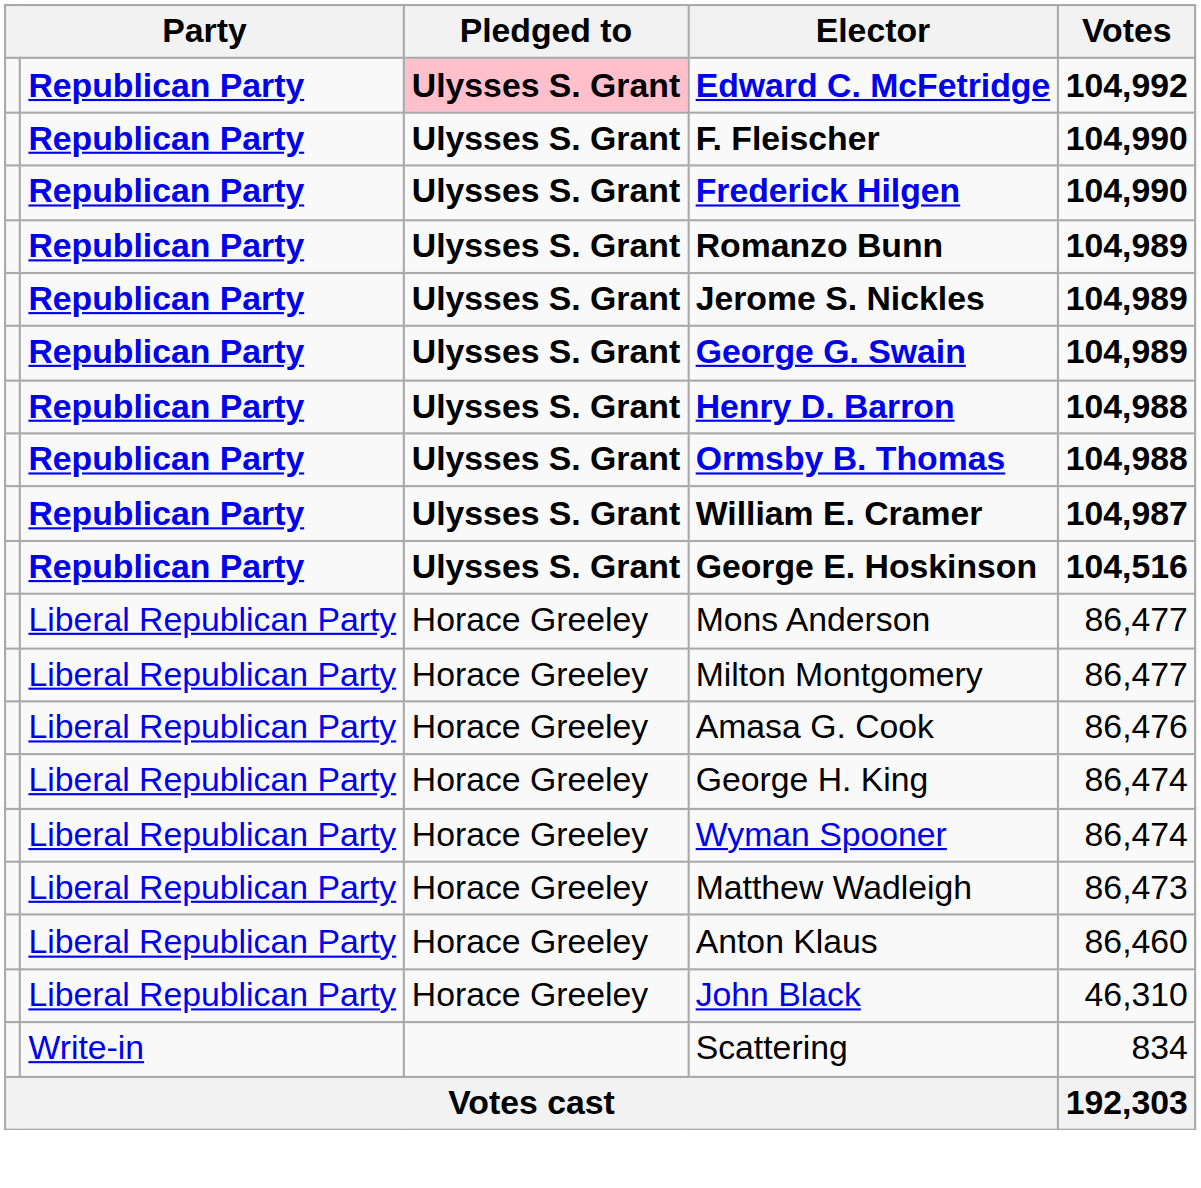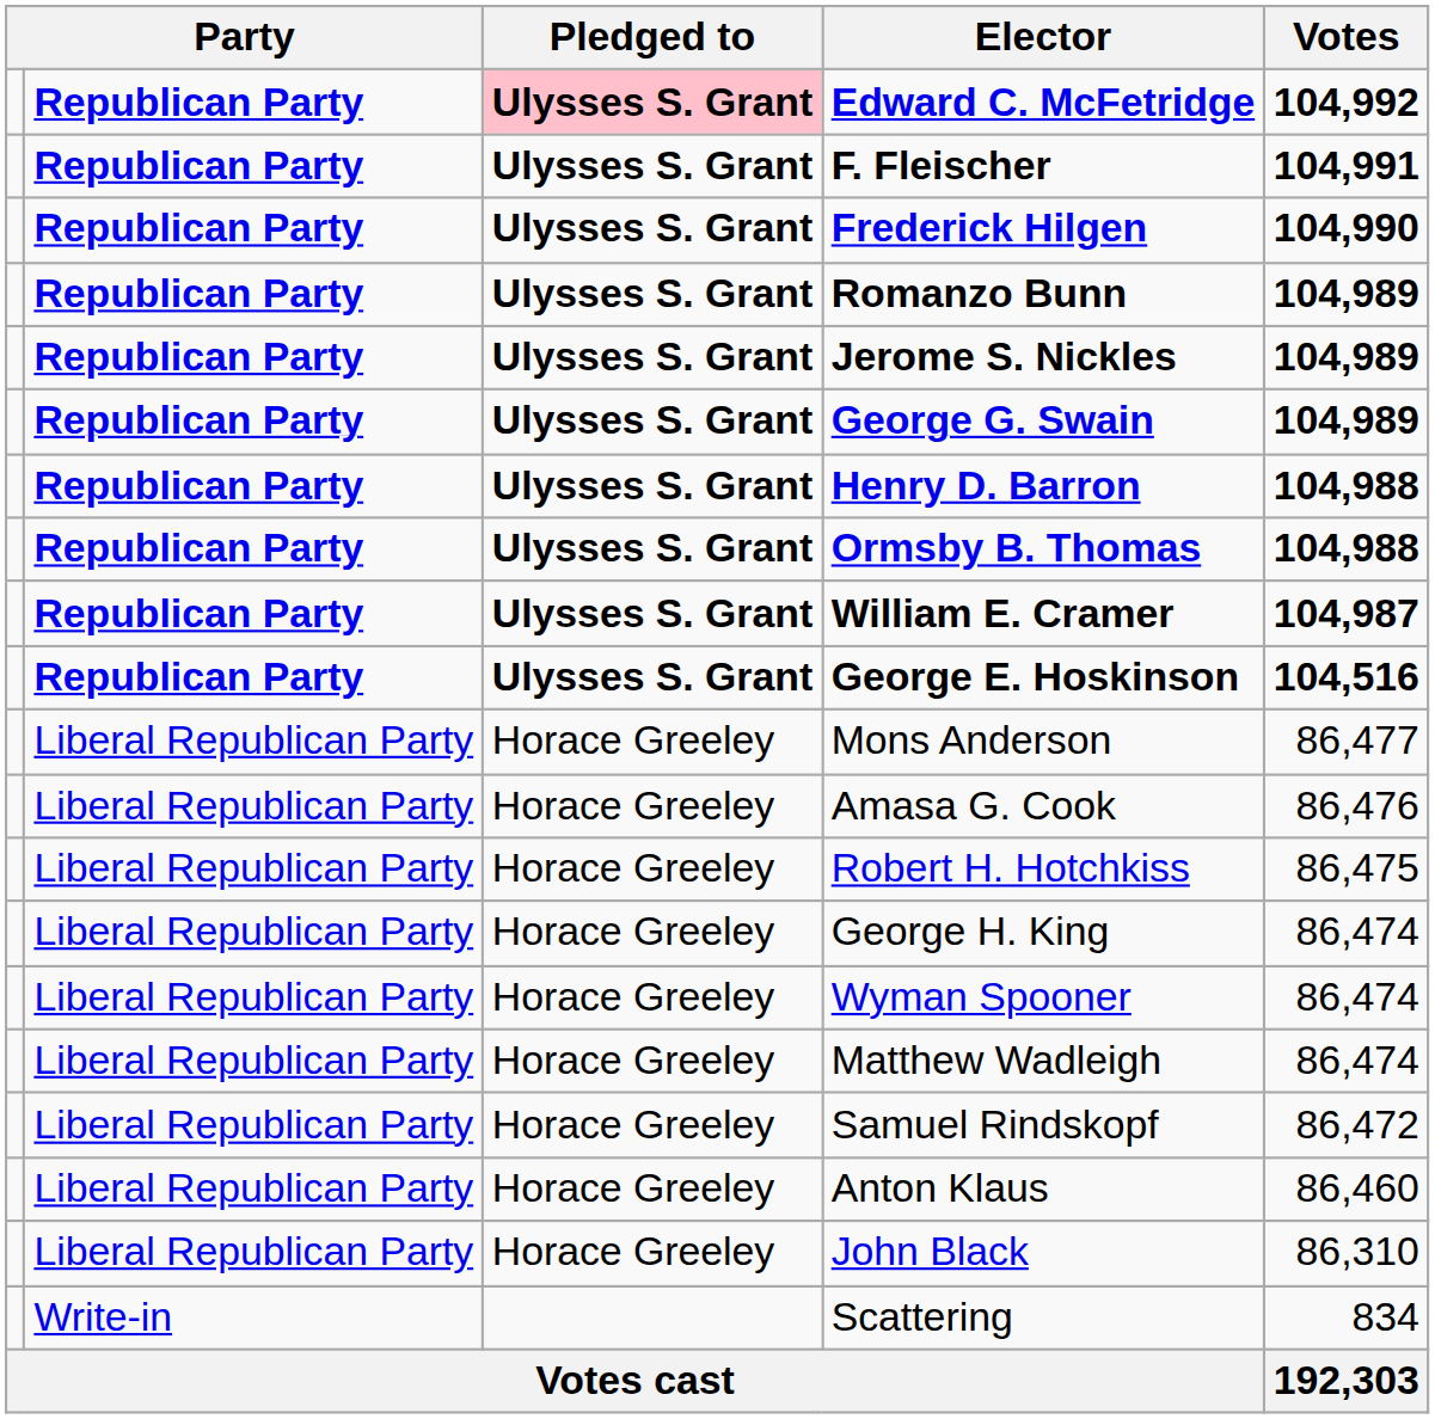 <table class="wikitable">
 <tr>
 <th colspan=2>Party</th>
 <th>Pledged to</th>
 <th>Elector</th>
 <th>Votes</th>
 </tr>
 <tr style="font-weight:bold">
 <td></td>
 <td><a href='#'>Republican Party</a></td>
 <td style="background: pink;">Ulysses S. Grant</td>
 <td><a href='#'>Edward C. McFetridge</a></td>
 <td align="right">104,992</td>
 </tr>
 <tr style="font-weight:bold">
 <td></td>
 <td><a href='#'>Republican Party</a></td>
 <td>Ulysses S. Grant</td>
 <td>F. Fleischer</td>
-<td align="right">104,990</td>
+<td align="right">104,991</td>
 </tr>
 <tr style="font-weight:bold">
 <td></td>
 <td><a href='#'>Republican Party</a></td>
 <td>Ulysses S. Grant</td>
 <td><a href='#'>Frederick Hilgen</a></td>
 <td align="right">104,990</td>
 </tr>
 <tr style="font-weight:bold">
 <td></td>
 <td><a href='#'>Republican Party</a></td>
 <td>Ulysses S. Grant</td>
 <td>Romanzo Bunn</td>
 <td align="right">104,989</td>
 </tr>
 <tr style="font-weight:bold">
 <td></td>
 <td><a href='#'>Republican Party</a></td>
 <td>Ulysses S. Grant</td>
 <td>Jerome S. Nickles</td>
 <td align="right">104,989</td>
 </tr>
 <tr style="font-weight:bold">
 <td></td>
 <td><a href='#'>Republican Party</a></td>
 <td>Ulysses S. Grant</td>
 <td><a href='#'>George G. Swain</a></td>
 <td align="right">104,989</td>
 </tr>
 <tr style="font-weight:bold">
 <td></td>
 <td><a href='#'>Republican Party</a></td>
 <td>Ulysses S. Grant</td>
 <td><a href='#'>Henry D. Barron</a></td>
 <td align="right">104,988</td>
 </tr>
 <tr style="font-weight:bold">
 <td></td>
 <td><a href='#'>Republican Party</a></td>
 <td>Ulysses S. Grant</td>
 <td><a href='#'>Ormsby B. Thomas</a></td>
 <td align="right">104,988</td>
 </tr>
 <tr style="font-weight:bold">
 <td></td>
 <td><a href='#'>Republican Party</a></td>
 <td>Ulysses S. Grant</td>
 <td>William E. Cramer</td>
 <td align="right">104,987</td>
 </tr>
 <tr style="font-weight:bold">
 <td></td>
 <td><a href='#'>Republican Party</a></td>
 <td>Ulysses S. Grant</td>
 <td>George E. Hoskinson</td>
 <td align="right">104,516</td>
 </tr>
 <tr>
 <td></td>
 <td><a href='#'>Liberal Republican Party</a></td>
 <td>Horace Greeley</td>
 <td>Mons Anderson</td>
 <td align="right">86,477</td>
 </tr>
 <tr>
 <td></td>
 <td><a href='#'>Liberal Republican Party</a></td>
 <td>Horace Greeley</td>
-<td>Milton Montgomery</td>
-<td align="right">86,477</td>
+<td>Amasa G. Cook</td>
+<td align="right">86,476</td>
 </tr>
 <tr>
 <td></td>
 <td><a href='#'>Liberal Republican Party</a></td>
 <td>Horace Greeley</td>
-<td>Amasa G. Cook</td>
-<td align="right">86,476</td>
+<td><a href='#'>Robert H. Hotchkiss</a></td>
+<td align="right">86,475</td>
 </tr>
 <tr>
 <td></td>
 <td><a href='#'>Liberal Republican Party</a></td>
 <td>Horace Greeley</td>
 <td>George H. King</td>
 <td align="right">86,474</td>
 </tr>
 <tr>
 <td></td>
 <td><a href='#'>Liberal Republican Party</a></td>
 <td>Horace Greeley</td>
 <td><a href='#'>Wyman Spooner</a></td>
 <td align="right">86,474</td>
 </tr>
 <tr>
 <td></td>
 <td><a href='#'>Liberal Republican Party</a></td>
 <td>Horace Greeley</td>
 <td>Matthew Wadleigh</td>
-<td align="right">86,473</td>
+<td align="right">86,474</td>
+</tr>
+<tr>
+<td></td>
+<td><a href='#'>Liberal Republican Party</a></td>
+<td>Horace Greeley</td>
+<td>Samuel Rindskopf</td>
+<td align="right">86,472</td>
 </tr>
 <tr>
 <td></td>
 <td><a href='#'>Liberal Republican Party</a></td>
 <td>Horace Greeley</td>
 <td>Anton Klaus</td>
 <td align="right">86,460</td>
 </tr>
 <tr>
 <td></td>
 <td><a href='#'>Liberal Republican Party</a></td>
 <td>Horace Greeley</td>
 <td><a href='#'>John Black</a></td>
-<td align="right">46,310</td>
+<td align="right">86,310</td>
 </tr>
 <tr>
 <td></td>
 <td><a href='#'>Write-in</a></td>
 <td></td>
 <td>Scattering</td>
 <td align="right">834</td>
 </tr>
 <tr>
 <th colspan="4">Votes cast</th>
 <th>192,303</th>
 </tr>
 </table>
